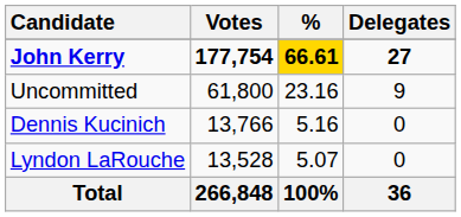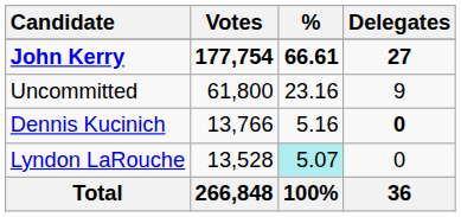 <table class="wikitable sortable plainrowheaders" style="text-align:right;">
 <tr>
 <th style="text-align:left;">Candidate</th>
 <th>Votes</th>
 <th>%</th>
 <th>Delegates</th>
 </tr>
 <tr>
 </tr>
 <tr>
 <td style="text-align:left;"><strong><a href='#'>John Kerry</a></strong></td>
 <td><strong>177,754</strong></td>
-<td style="background: gold;"><strong>66.61</strong></td>
+<td><strong>66.61</strong></td>
 <td style="text-align:center;"><strong>27</strong></td>
 </tr>
 <tr>
 <td style="text-align:left;">Uncommitted</td>
 <td>61,800</td>
 <td>23.16</td>
 <td style="text-align:center;">9</td>
 </tr>
 <tr>
 <td style="text-align:left;"><a href='#'>Dennis Kucinich</a></td>
 <td>13,766</td>
 <td>5.16</td>
-<td style="text-align:center;">0</td>
+<td style="text-align:center;"><strong>0</strong></td>
 </tr>
 <tr>
 <td style="text-align:left;"><a href='#'>Lyndon LaRouche</a></td>
 <td>13,528</td>
-<td>5.07</td>
+<td style="background: paleturquoise;">5.07</td>
 <td style="text-align:center;">0</td>
 </tr>
 <tr class="sortbottom">
 <th>Total</th>
 <th>266,848</th>
 <th>100%</th>
 <th>36</th>
 </tr>
 </table>
